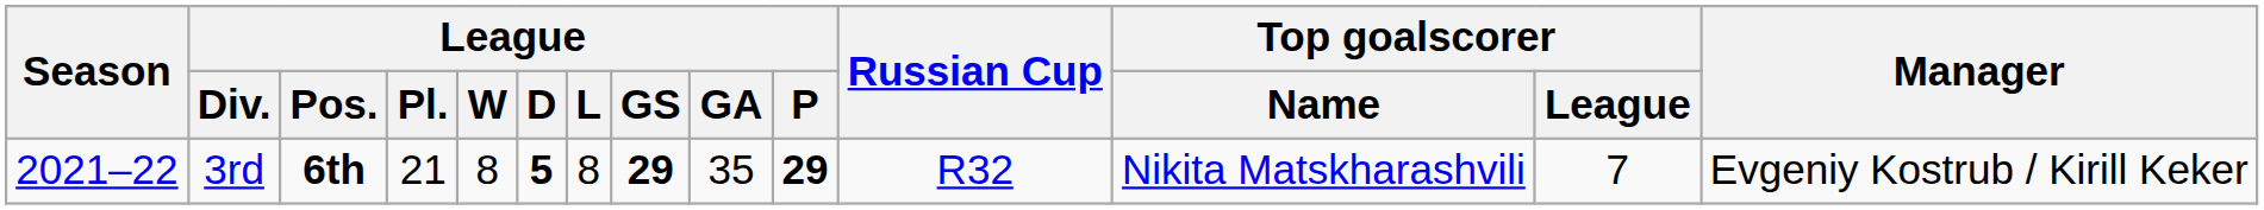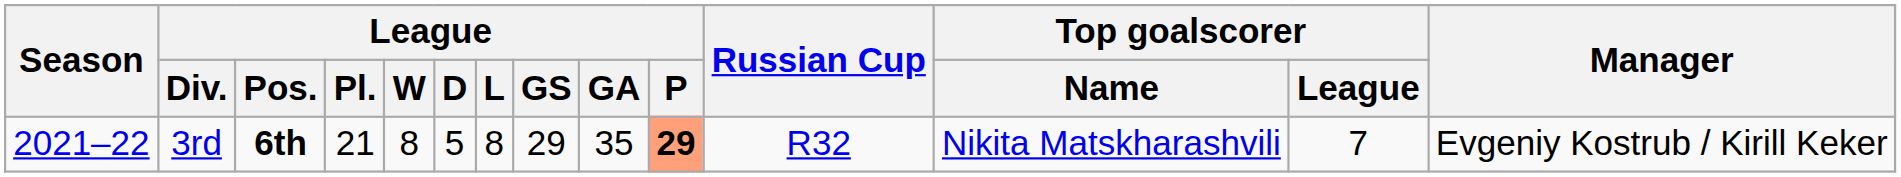 <table class="wikitable mw-collapsible mw-collapsed">
 <tr style="background:#efefef;">
 <th rowspan="2">Season</th>
 <th colspan="9">League</th>
 <th rowspan="2"><a href='#'>Russian Cup</a></th>
 <th colspan="2">Top goalscorer</th>
 <th rowspan="2">Manager</th>
 </tr>
 <tr>
 <th>Div.</th>
 <th>Pos.</th>
 <th>Pl.</th>
 <th>W</th>
 <th>D</th>
 <th>L</th>
 <th>GS</th>
 <th>GA</th>
 <th>P</th>
 <th>Name</th>
 <th>League</th>
 </tr>
 <tr>
 <td align=center><a href='#'>2021–22</a></td>
 <td align=center><a href='#'>3rd</a></td>
 <td align=center><strong>6th</strong></td>
 <td align=center>21</td>
 <td align=center>8</td>
-<td align=center><strong>5</strong></td>
+<td align=center>5</td>
 <td align=center>8</td>
-<td align=center><strong>29</strong></td>
+<td align=center>29</td>
 <td align=center>35</td>
-<td align=center><strong>29</strong></td>
+<td align=center style="background: lightsalmon;"><strong>29</strong></td>
 <td align=center><a href='#'>R32</a></td>
 <td align=center> <a href='#'>Nikita Matskharashvili</a></td>
 <td align=center>7</td>
 <td align=center> Evgeniy Kostrub /  Kirill Keker</td>
 </tr>
 </table>
